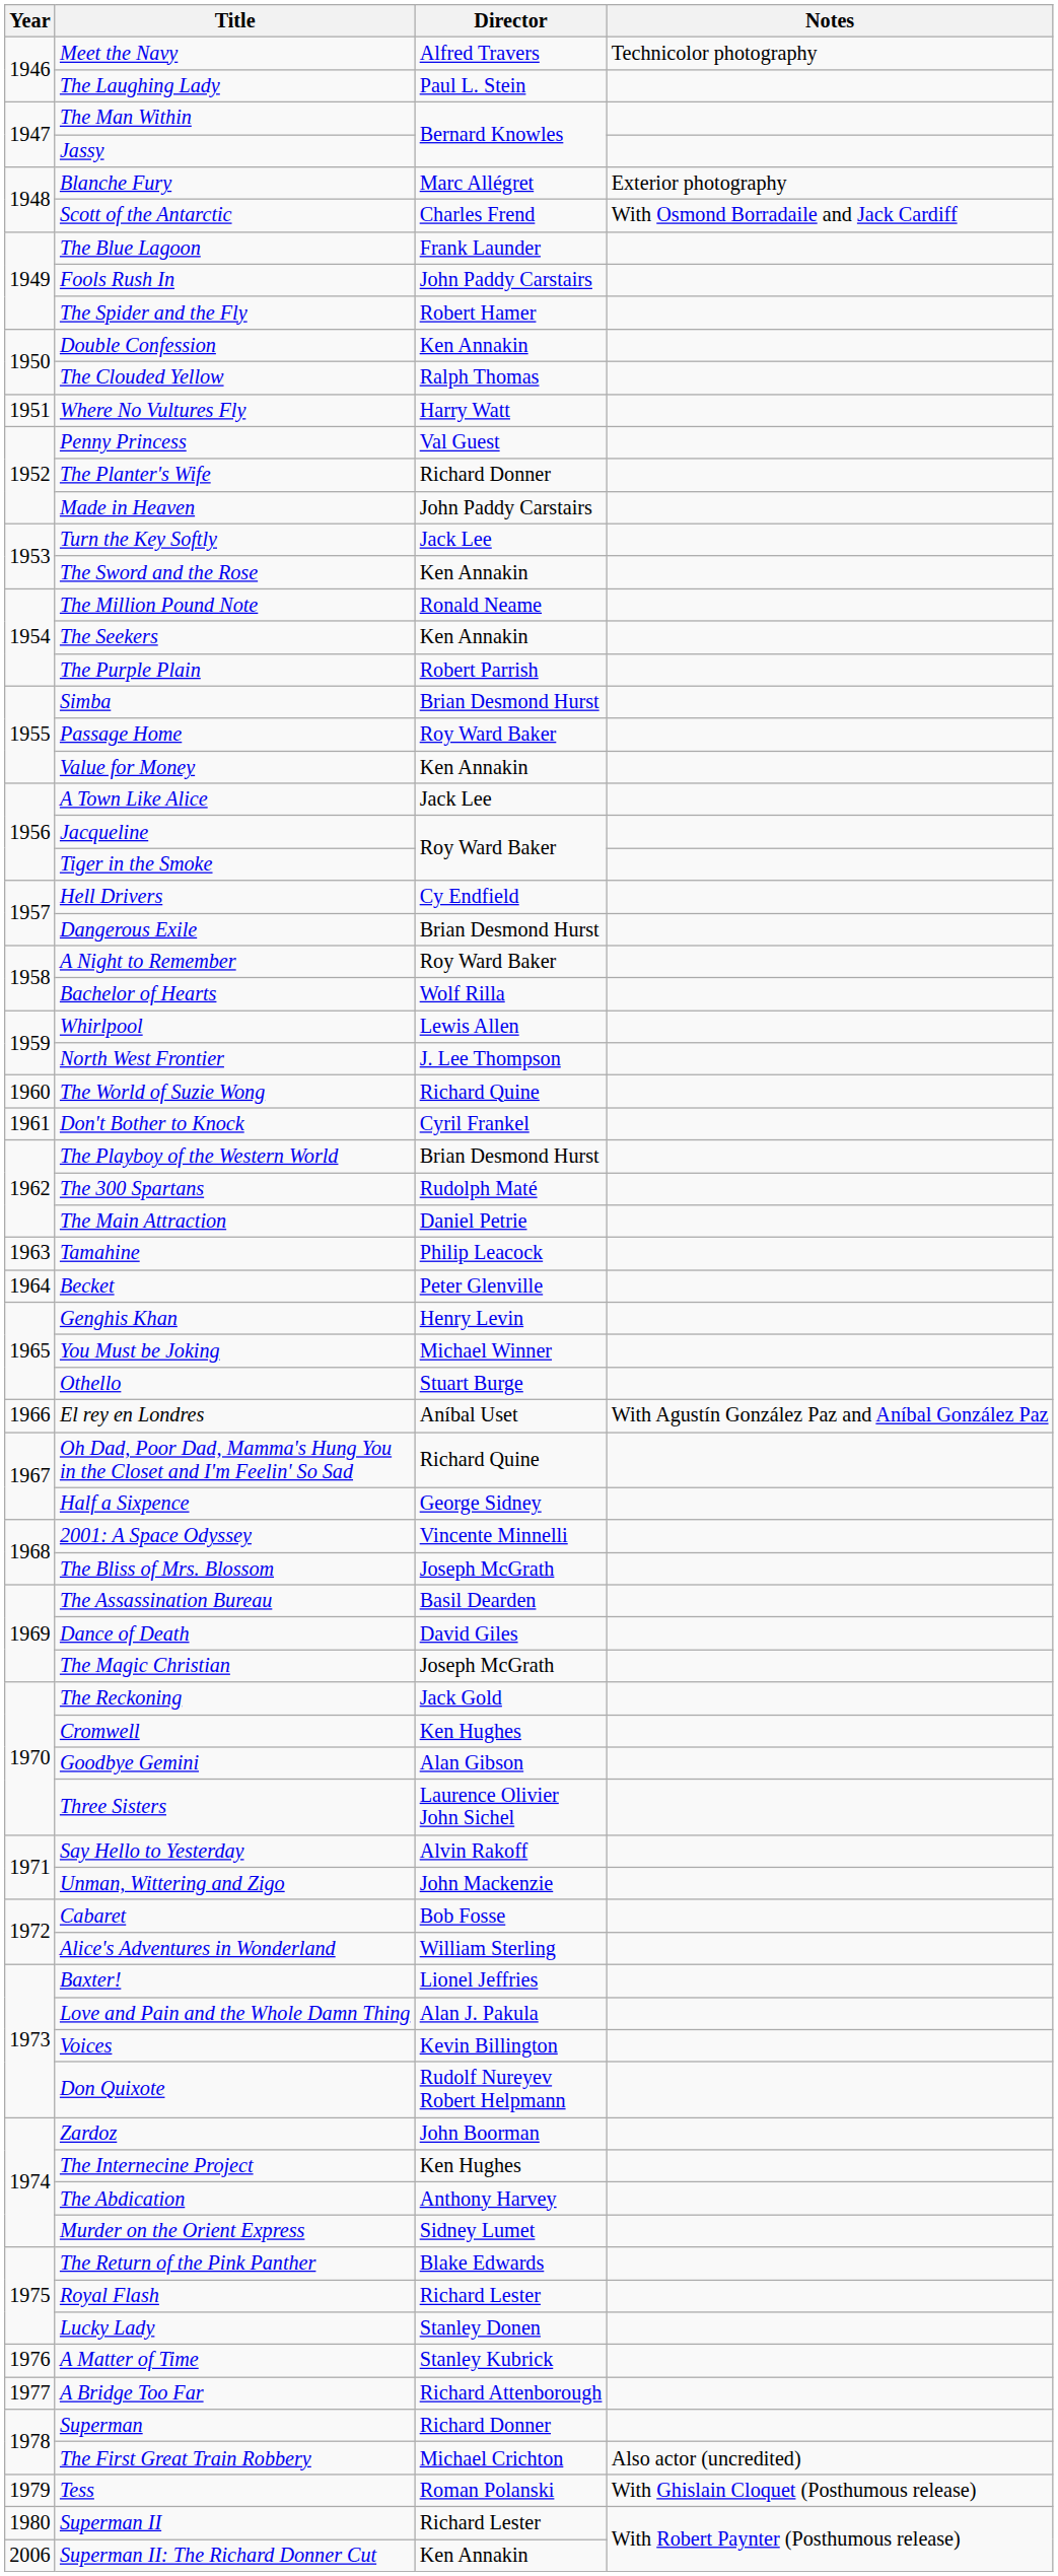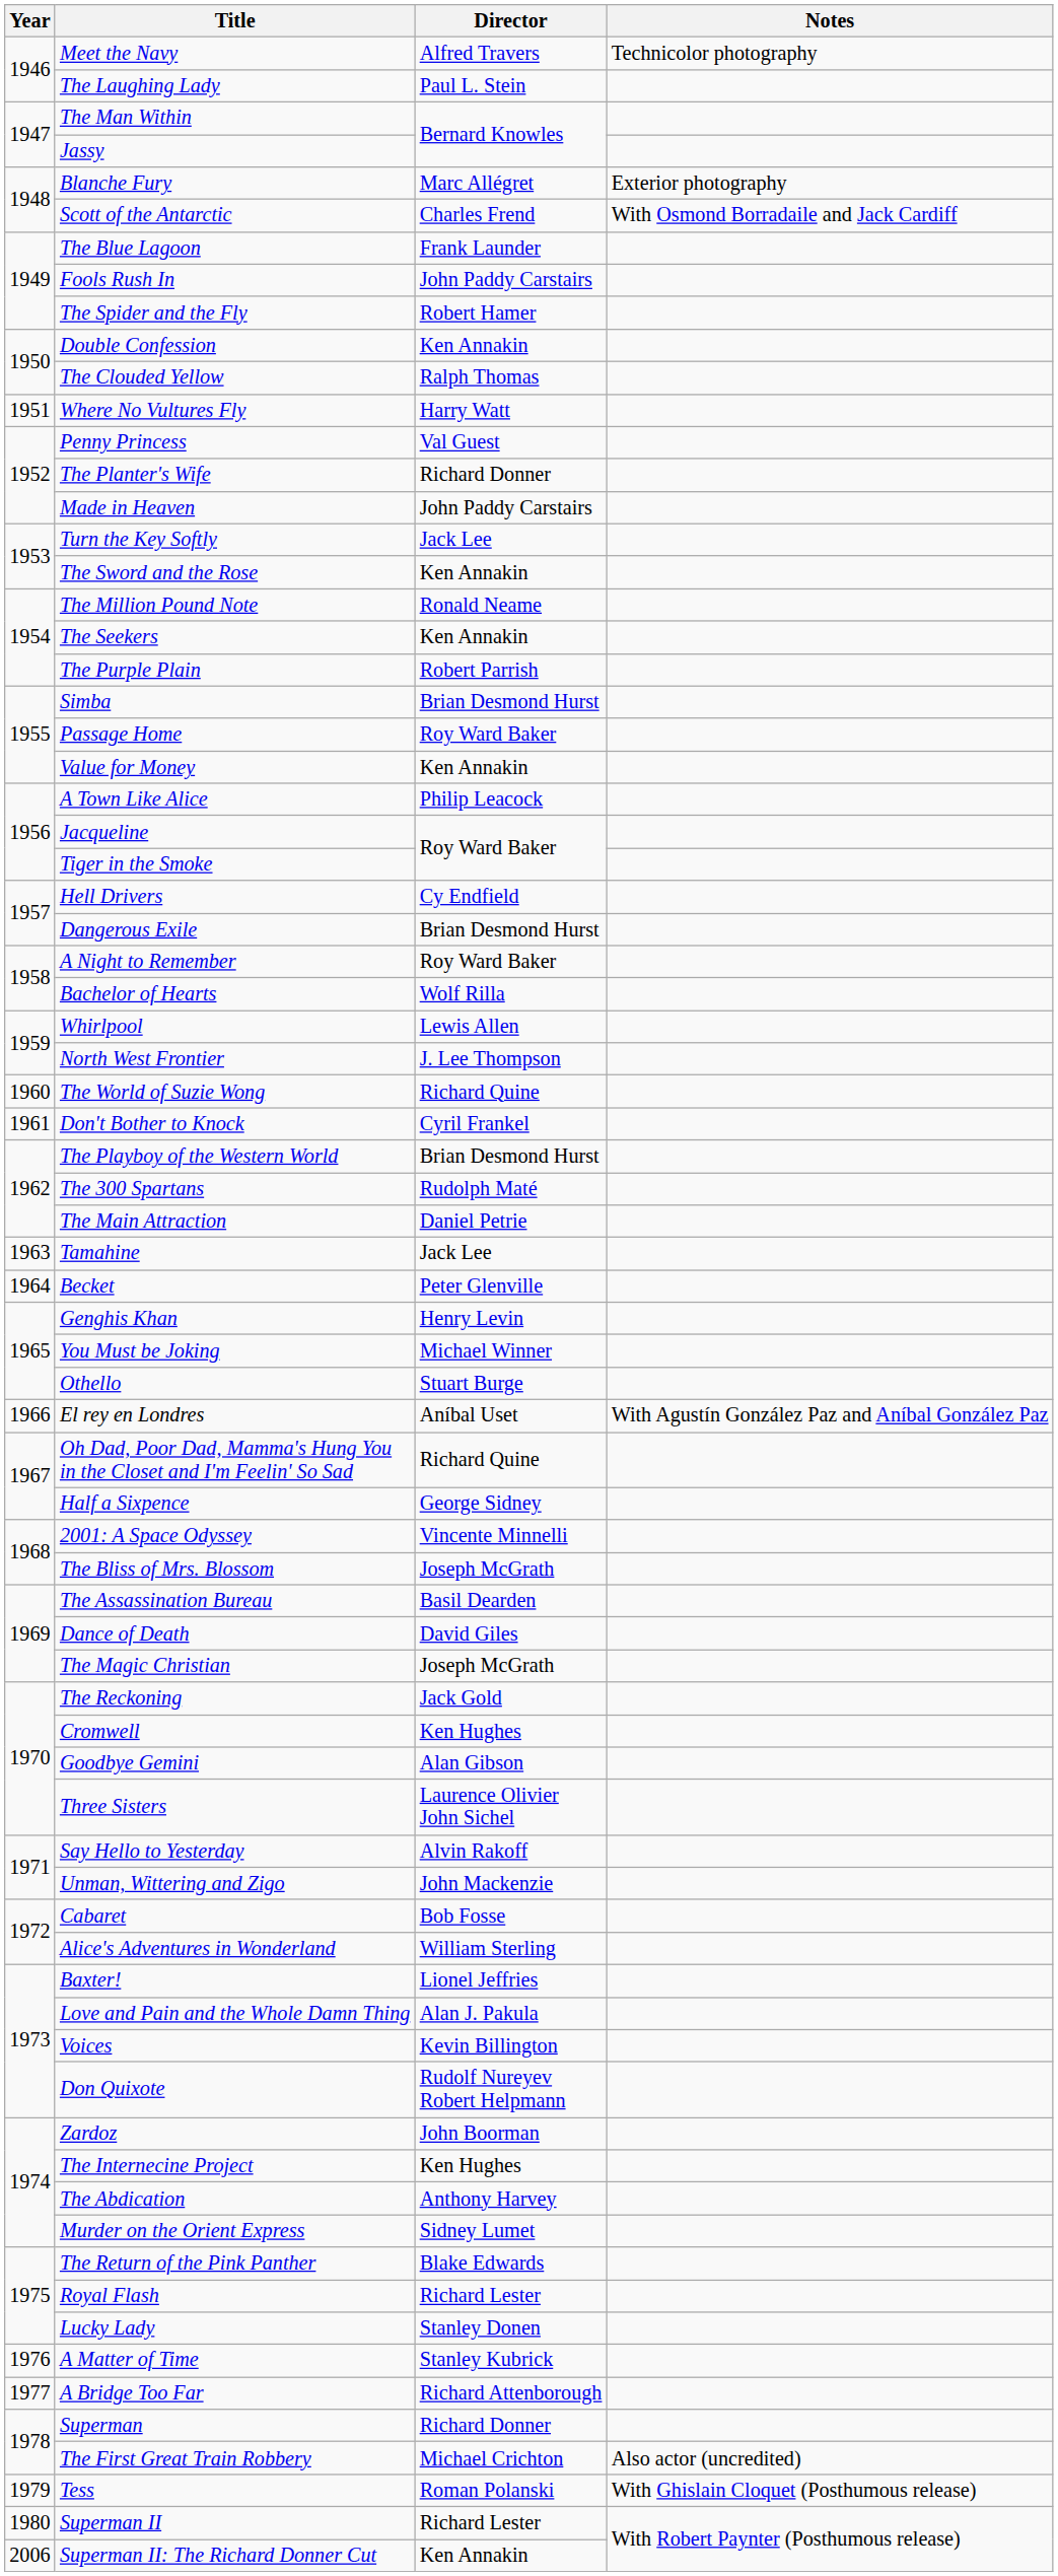 <table class="wikitable">
 <tr>
 <th>Year</th>
 <th>Title</th>
 <th>Director</th>
 <th>Notes</th>
 </tr>
 <tr>
 <td rowspan=2>1946</td>
 <td><em><a href='#'>Meet the Navy</a></em></td>
 <td><a href='#'>Alfred Travers</a></td>
 <td>Technicolor photography</td>
 </tr>
 <tr>
 <td><em><a href='#'>The Laughing Lady</a></em></td>
 <td><a href='#'>Paul L. Stein</a></td>
 <td></td>
 </tr>
 <tr>
 <td rowspan=2>1947</td>
 <td><em><a href='#'>The Man Within</a></em></td>
 <td rowspan=2><a href='#'>Bernard Knowles</a></td>
 <td></td>
 </tr>
 <tr>
 <td><em><a href='#'>Jassy</a></em></td>
 <td></td>
 </tr>
 <tr>
 <td rowspan=2>1948</td>
 <td><em><a href='#'>Blanche Fury</a></em></td>
 <td><a href='#'>Marc Allégret</a></td>
 <td>Exterior photography</td>
 </tr>
 <tr>
 <td><em><a href='#'>Scott of the Antarctic</a></em></td>
 <td><a href='#'>Charles Frend</a></td>
 <td>With <a href='#'>Osmond Borradaile</a> and <a href='#'>Jack Cardiff</a></td>
 </tr>
 <tr>
 <td rowspan=3>1949</td>
 <td><em><a href='#'>The Blue Lagoon</a></em></td>
 <td><a href='#'>Frank Launder</a></td>
 <td></td>
 </tr>
 <tr>
 <td><em><a href='#'>Fools Rush In</a></em></td>
 <td><a href='#'>John Paddy Carstairs</a></td>
 <td></td>
 </tr>
 <tr>
 <td><em><a href='#'>The Spider and the Fly</a></em></td>
 <td><a href='#'>Robert Hamer</a></td>
 <td></td>
 </tr>
 <tr>
 <td rowspan=2>1950</td>
 <td><em><a href='#'>Double Confession</a></em></td>
 <td><a href='#'>Ken Annakin</a></td>
 <td></td>
 </tr>
 <tr>
 <td><em><a href='#'>The Clouded Yellow</a></em></td>
 <td><a href='#'>Ralph Thomas</a></td>
 <td></td>
 </tr>
 <tr>
 <td>1951</td>
 <td><em><a href='#'>Where No Vultures Fly</a></em></td>
 <td><a href='#'>Harry Watt</a></td>
 <td></td>
 </tr>
 <tr>
 <td rowspan=3>1952</td>
 <td><em><a href='#'>Penny Princess</a></em></td>
 <td><a href='#'>Val Guest</a></td>
 <td></td>
 </tr>
 <tr>
 <td><em><a href='#'>The Planter's Wife</a></em></td>
 <td>Richard Donner</td>
 <td></td>
 </tr>
 <tr>
 <td><em><a href='#'>Made in Heaven</a></em></td>
 <td>John Paddy Carstairs</td>
 <td></td>
 </tr>
 <tr>
 <td rowspan=2>1953</td>
 <td><em><a href='#'>Turn the Key Softly</a></em></td>
 <td><a href='#'>Jack Lee</a></td>
 <td></td>
 </tr>
 <tr>
 <td><em><a href='#'>The Sword and the Rose</a></em></td>
 <td>Ken Annakin</td>
 <td></td>
 </tr>
 <tr>
 <td rowspan=3>1954</td>
 <td><em><a href='#'>The Million Pound Note</a></em></td>
 <td><a href='#'>Ronald Neame</a></td>
 <td></td>
 </tr>
 <tr>
 <td><em><a href='#'>The Seekers</a></em></td>
 <td>Ken Annakin</td>
 <td></td>
 </tr>
 <tr>
 <td><em><a href='#'>The Purple Plain</a></em></td>
 <td><a href='#'>Robert Parrish</a></td>
 <td></td>
 </tr>
 <tr>
 <td rowspan=3>1955</td>
 <td><em><a href='#'>Simba</a></em></td>
 <td><a href='#'>Brian Desmond Hurst</a></td>
 <td></td>
 </tr>
 <tr>
 <td><em><a href='#'>Passage Home</a></em></td>
 <td><a href='#'>Roy Ward Baker</a></td>
 <td></td>
 </tr>
 <tr>
 <td><em><a href='#'>Value for Money</a></em></td>
 <td>Ken Annakin</td>
 <td></td>
 </tr>
 <tr>
 <td rowspan=3>1956</td>
 <td><em><a href='#'>A Town Like Alice</a></em></td>
-<td>Jack Lee</td>
+<td><a href='#'>Philip Leacock</a></td>
 <td></td>
 </tr>
 <tr>
 <td><em><a href='#'>Jacqueline</a></em></td>
 <td rowspan=2>Roy Ward Baker</td>
 <td></td>
 </tr>
 <tr>
 <td><em><a href='#'>Tiger in the Smoke</a></em></td>
 <td></td>
 </tr>
 <tr>
 <td rowspan=2>1957</td>
 <td><em><a href='#'>Hell Drivers</a></em></td>
 <td><a href='#'>Cy Endfield</a></td>
 <td></td>
 </tr>
 <tr>
 <td><em><a href='#'>Dangerous Exile</a></em></td>
 <td>Brian Desmond Hurst</td>
 <td></td>
 </tr>
 <tr>
 <td rowspan=2>1958</td>
 <td><em><a href='#'>A Night to Remember</a></em></td>
 <td>Roy Ward Baker</td>
 <td></td>
 </tr>
 <tr>
 <td><em><a href='#'>Bachelor of Hearts</a></em></td>
 <td><a href='#'>Wolf Rilla</a></td>
 <td></td>
 </tr>
 <tr>
 <td rowspan=2>1959</td>
 <td><em><a href='#'>Whirlpool</a></em></td>
 <td><a href='#'>Lewis Allen</a></td>
 <td></td>
 </tr>
 <tr>
 <td><em><a href='#'>North West Frontier</a></em></td>
 <td><a href='#'>J. Lee Thompson</a></td>
 <td></td>
 </tr>
 <tr>
 <td>1960</td>
 <td><em><a href='#'>The World of Suzie Wong</a></em></td>
 <td><a href='#'>Richard Quine</a></td>
 <td></td>
 </tr>
 <tr>
 <td>1961</td>
 <td><em><a href='#'>Don't Bother to Knock</a></em></td>
 <td><a href='#'>Cyril Frankel</a></td>
 <td></td>
 </tr>
 <tr>
 <td rowspan=3>1962</td>
 <td><em><a href='#'>The Playboy of the Western World</a></em></td>
 <td>Brian Desmond Hurst</td>
 <td></td>
 </tr>
 <tr>
 <td><em><a href='#'>The 300 Spartans</a></em></td>
 <td><a href='#'>Rudolph Maté</a></td>
 <td></td>
 </tr>
 <tr>
 <td><em><a href='#'>The Main Attraction</a></em></td>
 <td><a href='#'>Daniel Petrie</a></td>
 <td></td>
 </tr>
 <tr>
 <td>1963</td>
 <td><em><a href='#'>Tamahine</a></em></td>
-<td><a href='#'>Philip Leacock</a></td>
+<td>Jack Lee</td>
 <td></td>
 </tr>
 <tr>
 <td>1964</td>
 <td><em><a href='#'>Becket</a></em></td>
 <td><a href='#'>Peter Glenville</a></td>
 <td></td>
 </tr>
 <tr>
 <td rowspan=3>1965</td>
 <td><em><a href='#'>Genghis Khan</a></em></td>
 <td><a href='#'>Henry Levin</a></td>
 <td></td>
 </tr>
 <tr>
 <td><em><a href='#'>You Must be Joking</a></em></td>
 <td><a href='#'>Michael Winner</a></td>
 <td></td>
 </tr>
 <tr>
 <td><em><a href='#'>Othello</a></em></td>
 <td><a href='#'>Stuart Burge</a></td>
 <td></td>
 </tr>
 <tr>
 <td>1966</td>
 <td><em>El rey en Londres</em></td>
 <td>Aníbal Uset</td>
 <td>With Agustín González Paz and <a href='#'>Aníbal González Paz</a></td>
 </tr>
 <tr>
 <td rowspan=2>1967</td>
 <td><em><a href='#'>Oh Dad, Poor Dad, Mamma's Hung You<br>in the Closet and I'm Feelin' So Sad</a></em></td>
 <td>Richard Quine</td>
 <td></td>
 </tr>
 <tr>
 <td><em><a href='#'>Half a Sixpence</a></em></td>
 <td><a href='#'>George Sidney</a></td>
 <td></td>
 </tr>
 <tr>
 <td rowspan=2>1968</td>
 <td><em><a href='#'>2001: A Space Odyssey</a></em></td>
 <td><a href='#'>Vincente Minnelli</a></td>
 <td></td>
 </tr>
 <tr>
 <td><em><a href='#'>The Bliss of Mrs. Blossom</a></em></td>
 <td><a href='#'>Joseph McGrath</a></td>
 <td></td>
 </tr>
 <tr>
 <td rowspan=3>1969</td>
 <td><em><a href='#'>The Assassination Bureau</a></em></td>
 <td><a href='#'>Basil Dearden</a></td>
 <td></td>
 </tr>
 <tr>
 <td><em><a href='#'>Dance of Death</a></em></td>
 <td><a href='#'>David Giles</a></td>
 <td></td>
 </tr>
 <tr>
 <td><em><a href='#'>The Magic Christian</a></em></td>
 <td>Joseph McGrath</td>
 <td></td>
 </tr>
 <tr>
 <td rowspan=4>1970</td>
 <td><em><a href='#'>The Reckoning</a></em></td>
 <td><a href='#'>Jack Gold</a></td>
 <td></td>
 </tr>
 <tr>
 <td><em><a href='#'>Cromwell</a></em></td>
 <td><a href='#'>Ken Hughes</a></td>
 <td></td>
 </tr>
 <tr>
 <td><em><a href='#'>Goodbye Gemini</a></em></td>
 <td><a href='#'>Alan Gibson</a></td>
 <td></td>
 </tr>
 <tr>
 <td><em><a href='#'>Three Sisters</a></em></td>
 <td><a href='#'>Laurence Olivier</a><br><a href='#'>John Sichel</a></td>
 <td></td>
 </tr>
 <tr>
 <td rowspan=2>1971</td>
 <td><em><a href='#'>Say Hello to Yesterday</a></em></td>
 <td><a href='#'>Alvin Rakoff</a></td>
 <td></td>
 </tr>
 <tr>
 <td><em><a href='#'>Unman, Wittering and Zigo</a></em></td>
 <td><a href='#'>John Mackenzie</a></td>
 <td></td>
 </tr>
 <tr>
 <td rowspan=2>1972</td>
 <td><em><a href='#'>Cabaret</a></em></td>
 <td><a href='#'>Bob Fosse</a></td>
 <td></td>
 </tr>
 <tr>
 <td><em><a href='#'>Alice's Adventures in Wonderland</a></em></td>
 <td><a href='#'>William Sterling</a></td>
 <td></td>
 </tr>
 <tr>
 <td rowspan=4>1973</td>
 <td><em><a href='#'>Baxter!</a></em></td>
 <td><a href='#'>Lionel Jeffries</a></td>
 <td></td>
 </tr>
 <tr>
 <td><em><a href='#'>Love and Pain and the Whole Damn Thing</a></em></td>
 <td><a href='#'>Alan J. Pakula</a></td>
 <td></td>
 </tr>
 <tr>
 <td><em><a href='#'>Voices</a></em></td>
 <td><a href='#'>Kevin Billington</a></td>
 <td></td>
 </tr>
 <tr>
 <td><em><a href='#'>Don Quixote</a></em></td>
 <td><a href='#'>Rudolf Nureyev</a><br><a href='#'>Robert Helpmann</a></td>
 <td></td>
 </tr>
 <tr>
 <td rowspan=4>1974</td>
 <td><em><a href='#'>Zardoz</a></em></td>
 <td><a href='#'>John Boorman</a></td>
 <td></td>
 </tr>
 <tr>
 <td><em><a href='#'>The Internecine Project</a></em></td>
 <td>Ken Hughes</td>
 <td></td>
 </tr>
 <tr>
 <td><em><a href='#'>The Abdication</a></em></td>
 <td><a href='#'>Anthony Harvey</a></td>
 <td></td>
 </tr>
 <tr>
 <td><em><a href='#'>Murder on the Orient Express</a></em></td>
 <td><a href='#'>Sidney Lumet</a></td>
 <td></td>
 </tr>
 <tr>
 <td rowspan=3>1975</td>
 <td><em><a href='#'>The Return of the Pink Panther</a></em></td>
 <td><a href='#'>Blake Edwards</a></td>
 <td></td>
 </tr>
 <tr>
 <td><em><a href='#'>Royal Flash</a></em></td>
 <td><a href='#'>Richard Lester</a></td>
 <td></td>
 </tr>
 <tr>
 <td><em><a href='#'>Lucky Lady</a></em></td>
 <td><a href='#'>Stanley Donen</a></td>
 <td></td>
 </tr>
 <tr>
 <td>1976</td>
 <td><em><a href='#'>A Matter of Time</a></em></td>
 <td><a href='#'>Stanley Kubrick</a></td>
 <td></td>
 </tr>
 <tr>
 <td>1977</td>
 <td><em><a href='#'>A Bridge Too Far</a></em></td>
 <td><a href='#'>Richard Attenborough</a></td>
 <td></td>
 </tr>
 <tr>
 <td rowspan=2>1978</td>
 <td><em><a href='#'>Superman</a></em></td>
 <td><a href='#'>Richard Donner</a></td>
 <td></td>
 </tr>
 <tr>
 <td><em><a href='#'>The First Great Train Robbery</a></em></td>
 <td><a href='#'>Michael Crichton</a></td>
 <td>Also actor (uncredited)</td>
 </tr>
 <tr>
 <td>1979</td>
 <td><em><a href='#'>Tess</a></em></td>
 <td><a href='#'>Roman Polanski</a></td>
 <td>With <a href='#'>Ghislain Cloquet</a> (Posthumous release)</td>
 </tr>
 <tr>
 <td>1980</td>
 <td><em><a href='#'>Superman II</a></em></td>
 <td>Richard Lester</td>
 <td rowspan=2>With <a href='#'>Robert Paynter</a> (Posthumous release)</td>
 </tr>
 <tr>
 <td>2006</td>
 <td><em><a href='#'>Superman II: The Richard Donner Cut</a></em></td>
 <td>Ken Annakin</td>
 </tr>
 </table>
